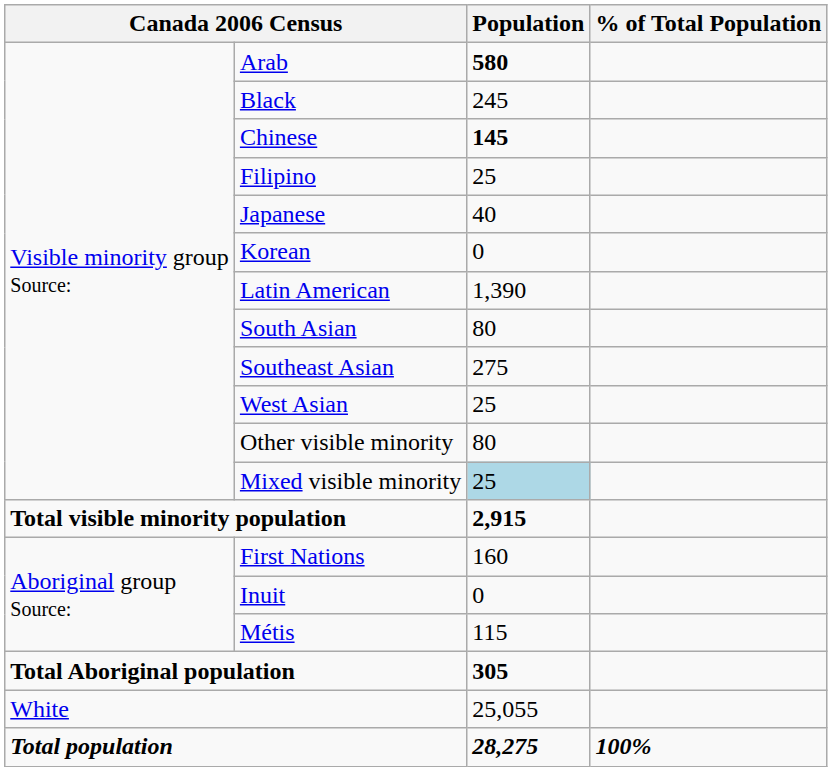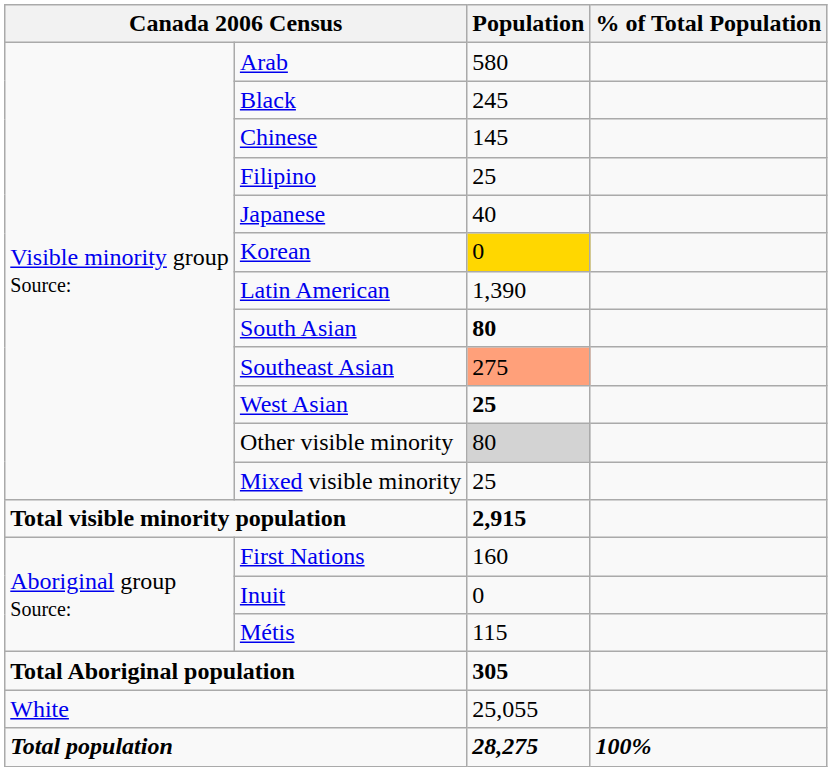 <table class="wikitable">
 <tr>
 <th colspan=2>Canada 2006 Census</th>
 <th>Population</th>
 <th>% of Total Population</th>
 </tr>
 <tr>
 <td rowspan=12><a href='#'>Visible minority</a> group<br><small>Source:</small></td>
 <td><a href='#'>Arab</a></td>
-<td><strong>580</strong></td>
+<td>580</td>
 <td></td>
 </tr>
 <tr>
 <td><a href='#'>Black</a></td>
 <td>245</td>
 <td></td>
 </tr>
 <tr>
 <td><a href='#'>Chinese</a></td>
-<td><strong>145</strong></td>
+<td>145</td>
 <td></td>
 </tr>
 <tr>
 <td><a href='#'>Filipino</a></td>
 <td>25</td>
 <td></td>
 </tr>
 <tr>
 <td><a href='#'>Japanese</a></td>
 <td>40</td>
 <td></td>
 </tr>
 <tr>
 <td><a href='#'>Korean</a></td>
-<td>0</td>
+<td style="background: gold;">0</td>
 <td></td>
 </tr>
 <tr>
 <td><a href='#'>Latin American</a></td>
 <td>1,390</td>
 <td></td>
 </tr>
 <tr>
 <td><a href='#'>South Asian</a></td>
-<td>80</td>
+<td><strong>80</strong></td>
 <td></td>
 </tr>
 <tr>
 <td><a href='#'>Southeast Asian</a></td>
-<td>275</td>
+<td style="background: lightsalmon;">275</td>
 <td></td>
 </tr>
 <tr>
 <td><a href='#'>West Asian</a></td>
-<td>25</td>
+<td><strong>25</strong></td>
 <td></td>
 </tr>
 <tr>
 <td>Other visible minority</td>
-<td>80</td>
+<td style="background: lightgrey;">80</td>
 <td></td>
 </tr>
 <tr>
 <td><a href='#'>Mixed</a> visible minority</td>
-<td style="background: lightblue;">25</td>
+<td>25</td>
 <td></td>
 </tr>
 <tr>
 <td colspan=2><strong>Total visible minority population</strong></td>
 <td><strong>2,915</strong></td>
 <td><strong></strong></td>
 </tr>
 <tr>
 <td rowspan=3><a href='#'>Aboriginal</a> group<br><small>Source:</small></td>
 <td><a href='#'>First Nations</a></td>
 <td>160</td>
 <td></td>
 </tr>
 <tr>
 <td><a href='#'>Inuit</a></td>
 <td>0</td>
 <td></td>
 </tr>
 <tr>
 <td><a href='#'>Métis</a></td>
 <td>115</td>
 <td></td>
 </tr>
 <tr>
 <td colspan=2><strong>Total Aboriginal population</strong></td>
 <td><strong>305</strong></td>
 <td><strong></strong></td>
 </tr>
 <tr>
 <td colspan=2><a href='#'>White</a></td>
 <td>25,055</td>
 <td></td>
 </tr>
 <tr>
 <td colspan=2><strong><em>Total population</em></strong></td>
 <td><strong><em>28,275</em></strong></td>
 <td><strong><em>100%</em></strong></td>
 </tr>
 </table>
